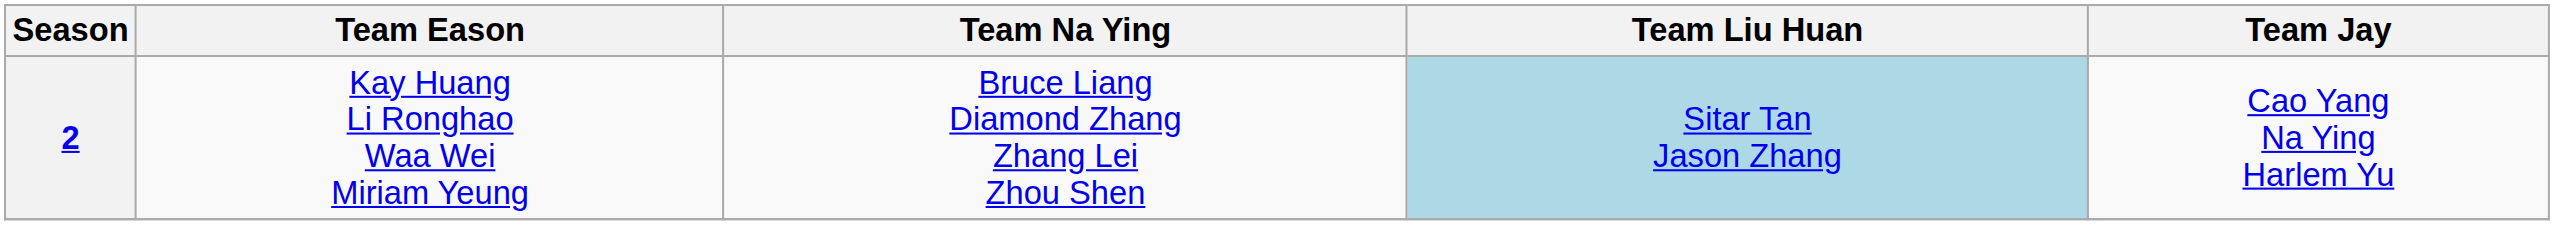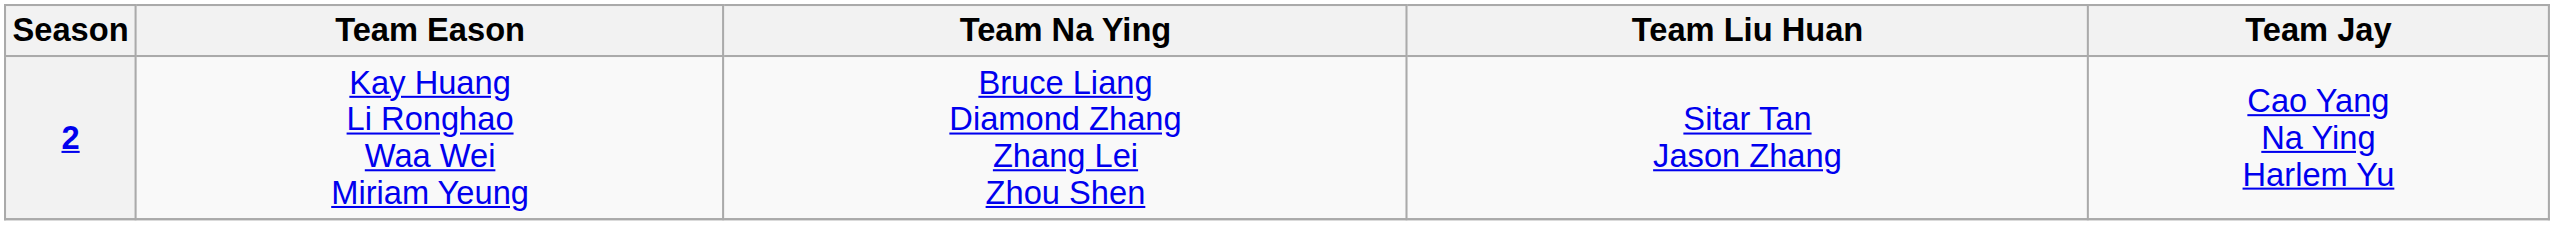 <table class="wikitable" style="text-align:center">
 <tr>
 <th style="width:5%;" scope="col">Season</th>
 <th scope="col">Team Eason</th>
 <th scope="col">Team Na Ying</th>
 <th scope="col">Team Liu Huan</th>
 <th scope="col">Team Jay</th>
 </tr>
 <tr>
 <th scope="row"><a href='#'>2</a></th>
 <td><a href='#'>Kay Huang</a><br><a href='#'>Li Ronghao</a><br><a href='#'>Waa Wei</a><br><a href='#'>Miriam Yeung</a></td>
 <td><a href='#'>Bruce Liang</a><br><a href='#'>Diamond Zhang</a><br><a href='#'>Zhang Lei</a><br><a href='#'>Zhou Shen</a></td>
-<td style="background: lightblue;"><a href='#'>Sitar Tan</a><br><a href='#'>Jason Zhang</a></td>
+<td><a href='#'>Sitar Tan</a><br><a href='#'>Jason Zhang</a></td>
 <td><a href='#'>Cao Yang</a><br><a href='#'>Na Ying</a><br><a href='#'>Harlem Yu</a></td>
 </tr>
 <tr>
 </tr>
 </table>
